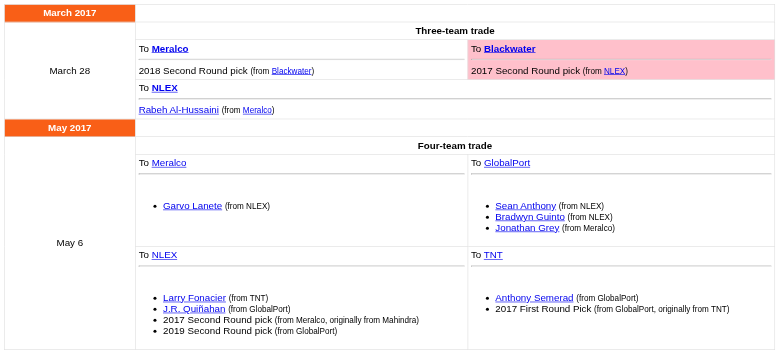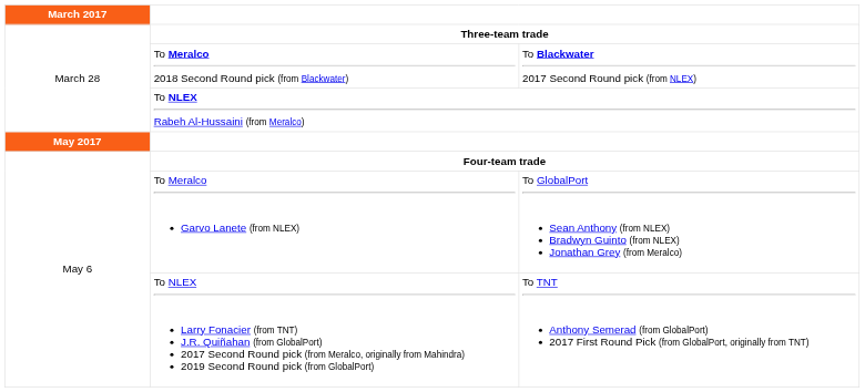 <table border=1 style="border-collapse:collapse; text-align: center; width: 100%" bordercolor="#DFDFDF"  cellpadding="5">
 <tr bgcolor="eeeeee">
 <th style="background:#F95F17; color:#FFFFFF; ">March 2017</th>
 </tr>
 <tr>
 <td style="width:17%" rowspan=3>March 28</td>
 <td colspan=2><strong>Three-team trade</strong></td>
 </tr>
 <tr>
 <td align=left valign="top">To <strong><a href='#'>Meralco</a></strong><hr>2018 Second Round pick <small>(from <a href='#'>Blackwater</a>)</small></td>
-<td align=left valign="top" style="background: pink;">To <strong><a href='#'>Blackwater</a></strong><hr>2017 Second Round pick <small>(from <a href='#'>NLEX</a>)</small></td>
+<td align=left valign="top">To <strong><a href='#'>Blackwater</a></strong><hr>2017 Second Round pick <small>(from <a href='#'>NLEX</a>)</small></td>
 </tr>
 <tr>
 <td colspan="2"  style="text-align:left; vertical-align:top;">To <strong><a href='#'>NLEX</a></strong><hr><a href='#'>Rabeh Al-Hussaini</a> <small>(from <a href='#'>Meralco</a>)</small></td>
 </tr>
 <tr>
 <th style="background:#F95F17; color:#FFFFFF; ">May 2017</th>
 </tr>
 <tr>
 <td rowspan=3>May 6</td>
 <td colspan=2><strong>Four-team trade</strong></td>
 </tr>
 <tr>
 <td align=left valign=top>To <a href='#'>Meralco</a><hr><br><ul><li><a href='#'>Garvo Lanete</a> <small>(from NLEX)</small></li></ul></td>
 <td align=left valign=top>To <a href='#'>GlobalPort</a><hr><br><ul><li><a href='#'>Sean Anthony</a> <small>(from NLEX)</small></li><li><a href='#'>Bradwyn Guinto</a> <small>(from NLEX)</small></li><li><a href='#'>Jonathan Grey</a> <small>(from Meralco)</small></li></ul></td>
 </tr>
 <tr>
 <td align=left valign=top>To <a href='#'>NLEX</a><hr><br><ul><li><a href='#'>Larry Fonacier</a> <small>(from TNT)</small></li><li><a href='#'>J.R. Quiñahan</a> <small>(from GlobalPort)</small></li><li>2017 Second Round pick <small>(from Meralco, originally from Mahindra)</small></li><li>2019 Second Round pick <small>(from GlobalPort)</small></li></ul></td>
 <td align=left valign=top>To <a href='#'>TNT</a><hr><br><ul><li><a href='#'>Anthony Semerad</a> <small>(from GlobalPort)</small></li><li>2017 First Round Pick <small>(from GlobalPort, originally from TNT)</small></li></ul></td>
 </tr>
 </table>
